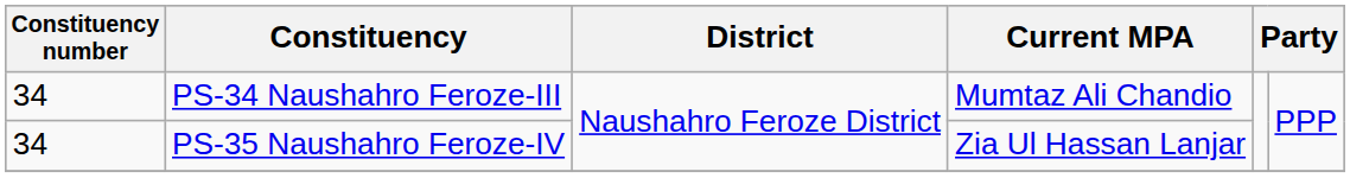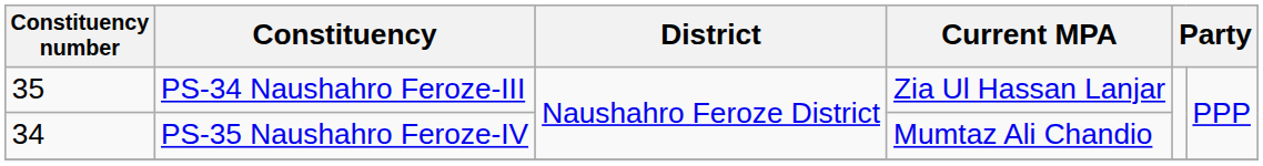 <table class="wikitable">
 <tr>
 <th width="50px" style="font-size:75%">Constituency number</th>
 <th>Constituency</th>
 <th>District</th>
 <th>Current MPA</th>
 <th colspan="2">Party</th>
 </tr>
 <tr>
-<td>34</td>
+<td>35</td>
 <td><a href='#'>PS-34 Naushahro Feroze-III</a></td>
 <td rowspan="2"><a href='#'>Naushahro Feroze District</a></td>
-<td><a href='#'>Mumtaz Ali Chandio</a></td>
+<td><a href='#'>Zia Ul Hassan Lanjar</a></td>
 <td rowspan="2"></td>
 <td rowspan="2"><a href='#'>PPP</a></td>
 </tr>
 <tr>
 <td>34</td>
 <td><a href='#'>PS-35 Naushahro Feroze-IV</a></td>
-<td><a href='#'>Zia Ul Hassan Lanjar</a></td>
+<td><a href='#'>Mumtaz Ali Chandio</a></td>
 </tr>
 <tr>
 </tr>
 </table>
